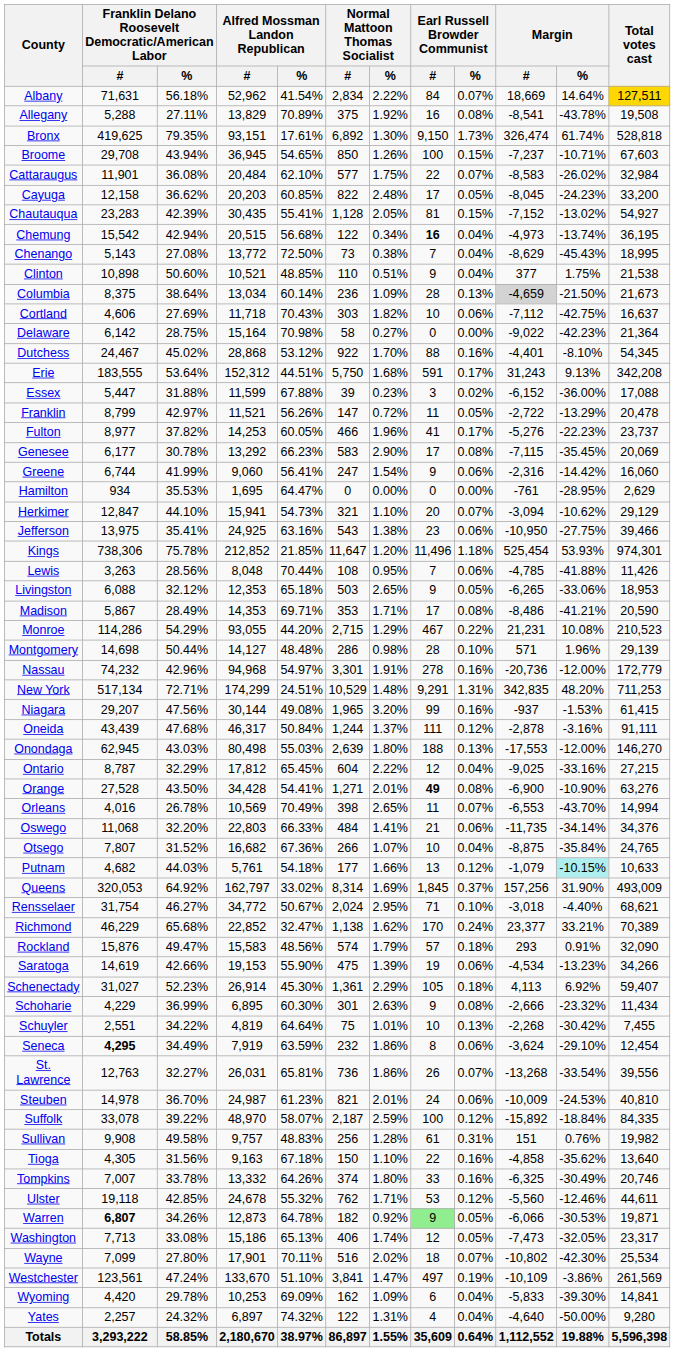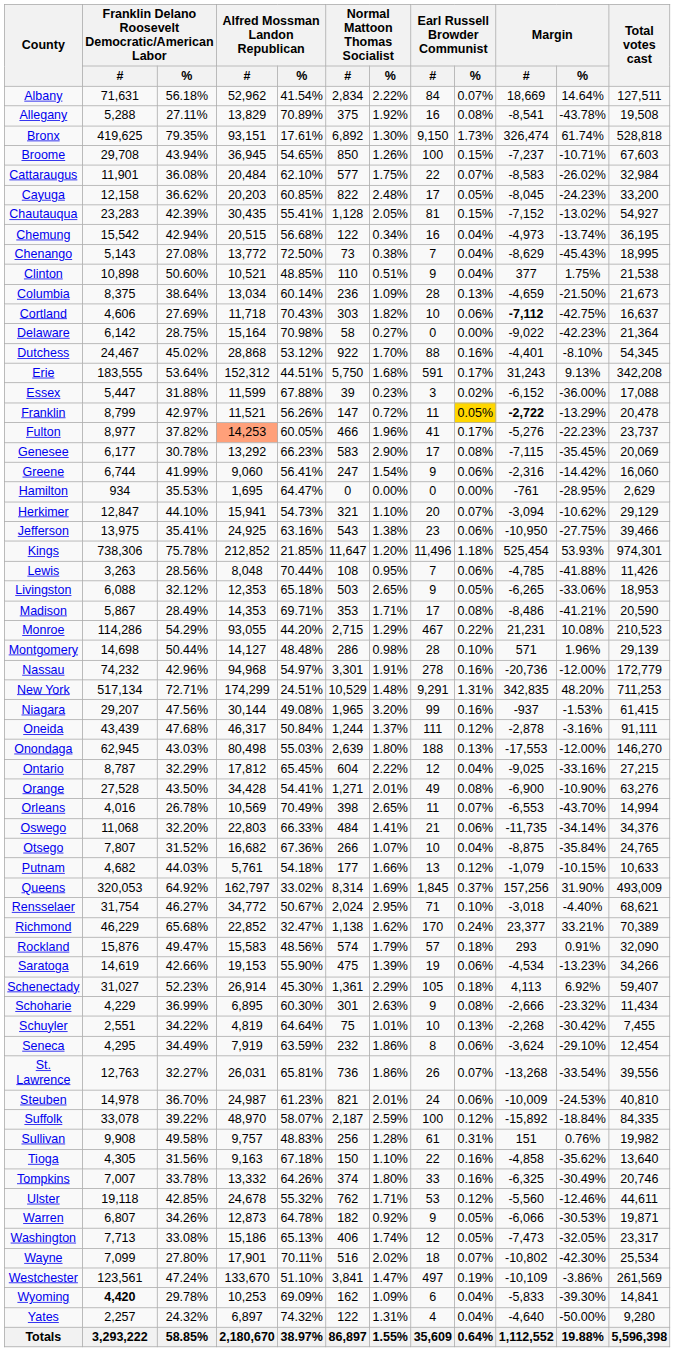 <table width="75%"  class="wikitable sortable" style="text-align:center">
 <tr>
 <th style="text-align:center;" rowspan="2">County</th>
 <th style="text-align:center;" colspan="2">Franklin Delano Roosevelt<br>Democratic/American Labor</th>
 <th style="text-align:center;" colspan="2">Alfred Mossman Landon<br>Republican</th>
 <th style="text-align:center;" colspan="2">Normal Mattoon Thomas<br>Socialist</th>
 <th style="text-align:center;" colspan="2">Earl Russell Browder<br>Communist</th>
 <th style="text-align:center;" colspan="2">Margin</th>
 <th style="text-align:center;" rowspan="2">Total votes cast</th>
 </tr>
 <tr>
 <th style="text-align:center;" data-sort-type="number">#</th>
 <th style="text-align:center;" data-sort-type="number">%</th>
 <th style="text-align:center;" data-sort-type="number">#</th>
 <th style="text-align:center;" data-sort-type="number">%</th>
 <th style="text-align:center;" data-sort-type="number">#</th>
 <th style="text-align:center;" data-sort-type="number">%</th>
 <th style="text-align:center;" data-sort-type="number">#</th>
 <th style="text-align:center;" data-sort-type="number">%</th>
 <th style="text-align:center;" data-sort-type="number">#</th>
 <th style="text-align:center;" data-sort-type="number">%</th>
 </tr>
 <tr style="text-align:center;">
 <td><a href='#'>Albany</a></td>
 <td>71,631</td>
 <td>56.18%</td>
 <td>52,962</td>
 <td>41.54%</td>
 <td>2,834</td>
 <td>2.22%</td>
 <td>84</td>
 <td>0.07%</td>
 <td>18,669</td>
 <td>14.64%</td>
-<td style="background: gold;">127,511</td>
+<td>127,511</td>
 </tr>
 <tr style="text-align:center;">
 <td><a href='#'>Allegany</a></td>
 <td>5,288</td>
 <td>27.11%</td>
 <td>13,829</td>
 <td>70.89%</td>
 <td>375</td>
 <td>1.92%</td>
 <td>16</td>
 <td>0.08%</td>
 <td>-8,541</td>
 <td>-43.78%</td>
 <td>19,508</td>
 </tr>
 <tr style="text-align:center;">
 <td><a href='#'>Bronx</a></td>
 <td>419,625</td>
 <td>79.35%</td>
 <td>93,151</td>
 <td>17.61%</td>
 <td>6,892</td>
 <td>1.30%</td>
 <td>9,150</td>
 <td>1.73%</td>
 <td>326,474</td>
 <td>61.74%</td>
 <td>528,818</td>
 </tr>
 <tr style="text-align:center;">
 <td><a href='#'>Broome</a></td>
 <td>29,708</td>
 <td>43.94%</td>
 <td>36,945</td>
 <td>54.65%</td>
 <td>850</td>
 <td>1.26%</td>
 <td>100</td>
 <td>0.15%</td>
 <td>-7,237</td>
 <td>-10.71%</td>
 <td>67,603</td>
 </tr>
 <tr style="text-align:center;">
 <td><a href='#'>Cattaraugus</a></td>
 <td>11,901</td>
 <td>36.08%</td>
 <td>20,484</td>
 <td>62.10%</td>
 <td>577</td>
 <td>1.75%</td>
 <td>22</td>
 <td>0.07%</td>
 <td>-8,583</td>
 <td>-26.02%</td>
 <td>32,984</td>
 </tr>
 <tr style="text-align:center;">
 <td><a href='#'>Cayuga</a></td>
 <td>12,158</td>
 <td>36.62%</td>
 <td>20,203</td>
 <td>60.85%</td>
 <td>822</td>
 <td>2.48%</td>
 <td>17</td>
 <td>0.05%</td>
 <td>-8,045</td>
 <td>-24.23%</td>
 <td>33,200</td>
 </tr>
 <tr style="text-align:center;">
 <td><a href='#'>Chautauqua</a></td>
 <td>23,283</td>
 <td>42.39%</td>
 <td>30,435</td>
 <td>55.41%</td>
 <td>1,128</td>
 <td>2.05%</td>
 <td>81</td>
 <td>0.15%</td>
 <td>-7,152</td>
 <td>-13.02%</td>
 <td>54,927</td>
 </tr>
 <tr style="text-align:center;">
 <td><a href='#'>Chemung</a></td>
 <td>15,542</td>
 <td>42.94%</td>
 <td>20,515</td>
 <td>56.68%</td>
 <td>122</td>
 <td>0.34%</td>
-<td><strong>16</strong></td>
+<td>16</td>
 <td>0.04%</td>
 <td>-4,973</td>
 <td>-13.74%</td>
 <td>36,195</td>
 </tr>
 <tr style="text-align:center;">
 <td><a href='#'>Chenango</a></td>
 <td>5,143</td>
 <td>27.08%</td>
 <td>13,772</td>
 <td>72.50%</td>
 <td>73</td>
 <td>0.38%</td>
 <td>7</td>
 <td>0.04%</td>
 <td>-8,629</td>
 <td>-45.43%</td>
 <td>18,995</td>
 </tr>
 <tr style="text-align:center;">
 <td><a href='#'>Clinton</a></td>
 <td>10,898</td>
 <td>50.60%</td>
 <td>10,521</td>
 <td>48.85%</td>
 <td>110</td>
 <td>0.51%</td>
 <td>9</td>
 <td>0.04%</td>
 <td>377</td>
 <td>1.75%</td>
 <td>21,538</td>
 </tr>
 <tr style="text-align:center;">
 <td><a href='#'>Columbia</a></td>
 <td>8,375</td>
 <td>38.64%</td>
 <td>13,034</td>
 <td>60.14%</td>
 <td>236</td>
 <td>1.09%</td>
 <td>28</td>
 <td>0.13%</td>
-<td style="background: lightgrey;">-4,659</td>
+<td>-4,659</td>
 <td>-21.50%</td>
 <td>21,673</td>
 </tr>
 <tr style="text-align:center;">
 <td><a href='#'>Cortland</a></td>
 <td>4,606</td>
 <td>27.69%</td>
 <td>11,718</td>
 <td>70.43%</td>
 <td>303</td>
 <td>1.82%</td>
 <td>10</td>
 <td>0.06%</td>
-<td>-7,112</td>
+<td><strong>-7,112</strong></td>
 <td>-42.75%</td>
 <td>16,637</td>
 </tr>
 <tr style="text-align:center;">
 <td><a href='#'>Delaware</a></td>
 <td>6,142</td>
 <td>28.75%</td>
 <td>15,164</td>
 <td>70.98%</td>
 <td>58</td>
 <td>0.27%</td>
 <td>0</td>
 <td>0.00%</td>
 <td>-9,022</td>
 <td>-42.23%</td>
 <td>21,364</td>
 </tr>
 <tr style="text-align:center;">
 <td><a href='#'>Dutchess</a></td>
 <td>24,467</td>
 <td>45.02%</td>
 <td>28,868</td>
 <td>53.12%</td>
 <td>922</td>
 <td>1.70%</td>
 <td>88</td>
 <td>0.16%</td>
 <td>-4,401</td>
 <td>-8.10%</td>
 <td>54,345</td>
 </tr>
 <tr style="text-align:center;">
 <td><a href='#'>Erie</a></td>
 <td>183,555</td>
 <td>53.64%</td>
 <td>152,312</td>
 <td>44.51%</td>
 <td>5,750</td>
 <td>1.68%</td>
 <td>591</td>
 <td>0.17%</td>
 <td>31,243</td>
 <td>9.13%</td>
 <td>342,208</td>
 </tr>
 <tr style="text-align:center;">
 <td><a href='#'>Essex</a></td>
 <td>5,447</td>
 <td>31.88%</td>
 <td>11,599</td>
 <td>67.88%</td>
 <td>39</td>
 <td>0.23%</td>
 <td>3</td>
 <td>0.02%</td>
 <td>-6,152</td>
 <td>-36.00%</td>
 <td>17,088</td>
 </tr>
 <tr style="text-align:center;">
 <td><a href='#'>Franklin</a></td>
 <td>8,799</td>
 <td>42.97%</td>
 <td>11,521</td>
 <td>56.26%</td>
 <td>147</td>
 <td>0.72%</td>
 <td>11</td>
-<td>0.05%</td>
-<td>-2,722</td>
+<td style="background: gold;">0.05%</td>
+<td><strong>-2,722</strong></td>
 <td>-13.29%</td>
 <td>20,478</td>
 </tr>
 <tr style="text-align:center;">
 <td><a href='#'>Fulton</a></td>
 <td>8,977</td>
 <td>37.82%</td>
-<td>14,253</td>
+<td style="background: lightsalmon;">14,253</td>
 <td>60.05%</td>
 <td>466</td>
 <td>1.96%</td>
 <td>41</td>
 <td>0.17%</td>
 <td>-5,276</td>
 <td>-22.23%</td>
 <td>23,737</td>
 </tr>
 <tr style="text-align:center;">
 <td><a href='#'>Genesee</a></td>
 <td>6,177</td>
 <td>30.78%</td>
 <td>13,292</td>
 <td>66.23%</td>
 <td>583</td>
 <td>2.90%</td>
 <td>17</td>
 <td>0.08%</td>
 <td>-7,115</td>
 <td>-35.45%</td>
 <td>20,069</td>
 </tr>
 <tr style="text-align:center;">
 <td><a href='#'>Greene</a></td>
 <td>6,744</td>
 <td>41.99%</td>
 <td>9,060</td>
 <td>56.41%</td>
 <td>247</td>
 <td>1.54%</td>
 <td>9</td>
 <td>0.06%</td>
 <td>-2,316</td>
 <td>-14.42%</td>
 <td>16,060</td>
 </tr>
 <tr style="text-align:center;">
 <td><a href='#'>Hamilton</a></td>
 <td>934</td>
 <td>35.53%</td>
 <td>1,695</td>
 <td>64.47%</td>
 <td>0</td>
 <td>0.00%</td>
 <td>0</td>
 <td>0.00%</td>
 <td>-761</td>
 <td>-28.95%</td>
 <td>2,629</td>
 </tr>
 <tr style="text-align:center;">
 <td><a href='#'>Herkimer</a></td>
 <td>12,847</td>
 <td>44.10%</td>
 <td>15,941</td>
 <td>54.73%</td>
 <td>321</td>
 <td>1.10%</td>
 <td>20</td>
 <td>0.07%</td>
 <td>-3,094</td>
 <td>-10.62%</td>
 <td>29,129</td>
 </tr>
 <tr style="text-align:center;">
 <td><a href='#'>Jefferson</a></td>
 <td>13,975</td>
 <td>35.41%</td>
 <td>24,925</td>
 <td>63.16%</td>
 <td>543</td>
 <td>1.38%</td>
 <td>23</td>
 <td>0.06%</td>
 <td>-10,950</td>
 <td>-27.75%</td>
 <td>39,466</td>
 </tr>
 <tr style="text-align:center;">
 <td><a href='#'>Kings</a></td>
 <td>738,306</td>
 <td>75.78%</td>
 <td>212,852</td>
 <td>21.85%</td>
 <td>11,647</td>
 <td>1.20%</td>
 <td>11,496</td>
 <td>1.18%</td>
 <td>525,454</td>
 <td>53.93%</td>
 <td>974,301</td>
 </tr>
 <tr style="text-align:center;">
 <td><a href='#'>Lewis</a></td>
 <td>3,263</td>
 <td>28.56%</td>
 <td>8,048</td>
 <td>70.44%</td>
 <td>108</td>
 <td>0.95%</td>
 <td>7</td>
 <td>0.06%</td>
 <td>-4,785</td>
 <td>-41.88%</td>
 <td>11,426</td>
 </tr>
 <tr style="text-align:center;">
 <td><a href='#'>Livingston</a></td>
 <td>6,088</td>
 <td>32.12%</td>
 <td>12,353</td>
 <td>65.18%</td>
 <td>503</td>
 <td>2.65%</td>
 <td>9</td>
 <td>0.05%</td>
 <td>-6,265</td>
 <td>-33.06%</td>
 <td>18,953</td>
 </tr>
 <tr style="text-align:center;">
 <td><a href='#'>Madison</a></td>
 <td>5,867</td>
 <td>28.49%</td>
 <td>14,353</td>
 <td>69.71%</td>
 <td>353</td>
 <td>1.71%</td>
 <td>17</td>
 <td>0.08%</td>
 <td>-8,486</td>
 <td>-41.21%</td>
 <td>20,590</td>
 </tr>
 <tr style="text-align:center;">
 <td><a href='#'>Monroe</a></td>
 <td>114,286</td>
 <td>54.29%</td>
 <td>93,055</td>
 <td>44.20%</td>
 <td>2,715</td>
 <td>1.29%</td>
 <td>467</td>
 <td>0.22%</td>
 <td>21,231</td>
 <td>10.08%</td>
 <td>210,523</td>
 </tr>
 <tr style="text-align:center;">
 <td><a href='#'>Montgomery</a></td>
 <td>14,698</td>
 <td>50.44%</td>
 <td>14,127</td>
 <td>48.48%</td>
 <td>286</td>
 <td>0.98%</td>
 <td>28</td>
 <td>0.10%</td>
 <td>571</td>
 <td>1.96%</td>
 <td>29,139</td>
 </tr>
 <tr style="text-align:center;">
 <td><a href='#'>Nassau</a></td>
 <td>74,232</td>
 <td>42.96%</td>
 <td>94,968</td>
 <td>54.97%</td>
 <td>3,301</td>
 <td>1.91%</td>
 <td>278</td>
 <td>0.16%</td>
 <td>-20,736</td>
 <td>-12.00%</td>
 <td>172,779</td>
 </tr>
 <tr style="text-align:center;">
 <td><a href='#'>New York</a></td>
 <td>517,134</td>
 <td>72.71%</td>
 <td>174,299</td>
 <td>24.51%</td>
 <td>10,529</td>
 <td>1.48%</td>
 <td>9,291</td>
 <td>1.31%</td>
 <td>342,835</td>
 <td>48.20%</td>
 <td>711,253</td>
 </tr>
 <tr style="text-align:center;">
 <td><a href='#'>Niagara</a></td>
 <td>29,207</td>
 <td>47.56%</td>
 <td>30,144</td>
 <td>49.08%</td>
 <td>1,965</td>
 <td>3.20%</td>
 <td>99</td>
 <td>0.16%</td>
 <td>-937</td>
 <td>-1.53%</td>
 <td>61,415</td>
 </tr>
 <tr style="text-align:center;">
 <td><a href='#'>Oneida</a></td>
 <td>43,439</td>
 <td>47.68%</td>
 <td>46,317</td>
 <td>50.84%</td>
 <td>1,244</td>
 <td>1.37%</td>
 <td>111</td>
 <td>0.12%</td>
 <td>-2,878</td>
 <td>-3.16%</td>
 <td>91,111</td>
 </tr>
 <tr style="text-align:center;">
 <td><a href='#'>Onondaga</a></td>
 <td>62,945</td>
 <td>43.03%</td>
 <td>80,498</td>
 <td>55.03%</td>
 <td>2,639</td>
 <td>1.80%</td>
 <td>188</td>
 <td>0.13%</td>
 <td>-17,553</td>
 <td>-12.00%</td>
 <td>146,270</td>
 </tr>
 <tr style="text-align:center;">
 <td><a href='#'>Ontario</a></td>
 <td>8,787</td>
 <td>32.29%</td>
 <td>17,812</td>
 <td>65.45%</td>
 <td>604</td>
 <td>2.22%</td>
 <td>12</td>
 <td>0.04%</td>
 <td>-9,025</td>
 <td>-33.16%</td>
 <td>27,215</td>
 </tr>
 <tr style="text-align:center;">
 <td><a href='#'>Orange</a></td>
 <td>27,528</td>
 <td>43.50%</td>
 <td>34,428</td>
 <td>54.41%</td>
 <td>1,271</td>
 <td>2.01%</td>
-<td><strong>49</strong></td>
+<td>49</td>
 <td>0.08%</td>
 <td>-6,900</td>
 <td>-10.90%</td>
 <td>63,276</td>
 </tr>
 <tr style="text-align:center;">
 <td><a href='#'>Orleans</a></td>
 <td>4,016</td>
 <td>26.78%</td>
 <td>10,569</td>
 <td>70.49%</td>
 <td>398</td>
 <td>2.65%</td>
 <td>11</td>
 <td>0.07%</td>
 <td>-6,553</td>
 <td>-43.70%</td>
 <td>14,994</td>
 </tr>
 <tr style="text-align:center;">
 <td><a href='#'>Oswego</a></td>
 <td>11,068</td>
 <td>32.20%</td>
 <td>22,803</td>
 <td>66.33%</td>
 <td>484</td>
 <td>1.41%</td>
 <td>21</td>
 <td>0.06%</td>
 <td>-11,735</td>
 <td>-34.14%</td>
 <td>34,376</td>
 </tr>
 <tr style="text-align:center;">
 <td><a href='#'>Otsego</a></td>
 <td>7,807</td>
 <td>31.52%</td>
 <td>16,682</td>
 <td>67.36%</td>
 <td>266</td>
 <td>1.07%</td>
 <td>10</td>
 <td>0.04%</td>
 <td>-8,875</td>
 <td>-35.84%</td>
 <td>24,765</td>
 </tr>
 <tr style="text-align:center;">
 <td><a href='#'>Putnam</a></td>
 <td>4,682</td>
 <td>44.03%</td>
 <td>5,761</td>
 <td>54.18%</td>
 <td>177</td>
 <td>1.66%</td>
 <td>13</td>
 <td>0.12%</td>
 <td>-1,079</td>
-<td style="background: paleturquoise;">-10.15%</td>
+<td>-10.15%</td>
 <td>10,633</td>
 </tr>
 <tr style="text-align:center;">
 <td><a href='#'>Queens</a></td>
 <td>320,053</td>
 <td>64.92%</td>
 <td>162,797</td>
 <td>33.02%</td>
 <td>8,314</td>
 <td>1.69%</td>
 <td>1,845</td>
 <td>0.37%</td>
 <td>157,256</td>
 <td>31.90%</td>
 <td>493,009</td>
 </tr>
 <tr style="text-align:center;">
 <td><a href='#'>Rensselaer</a></td>
 <td>31,754</td>
 <td>46.27%</td>
 <td>34,772</td>
 <td>50.67%</td>
 <td>2,024</td>
 <td>2.95%</td>
 <td>71</td>
 <td>0.10%</td>
 <td>-3,018</td>
 <td>-4.40%</td>
 <td>68,621</td>
 </tr>
 <tr style="text-align:center;">
 <td><a href='#'>Richmond</a></td>
 <td>46,229</td>
 <td>65.68%</td>
 <td>22,852</td>
 <td>32.47%</td>
 <td>1,138</td>
 <td>1.62%</td>
 <td>170</td>
 <td>0.24%</td>
 <td>23,377</td>
 <td>33.21%</td>
 <td>70,389</td>
 </tr>
 <tr style="text-align:center;">
 <td><a href='#'>Rockland</a></td>
 <td>15,876</td>
 <td>49.47%</td>
 <td>15,583</td>
 <td>48.56%</td>
 <td>574</td>
 <td>1.79%</td>
 <td>57</td>
 <td>0.18%</td>
 <td>293</td>
 <td>0.91%</td>
 <td>32,090</td>
 </tr>
 <tr style="text-align:center;">
 <td><a href='#'>Saratoga</a></td>
 <td>14,619</td>
 <td>42.66%</td>
 <td>19,153</td>
 <td>55.90%</td>
 <td>475</td>
 <td>1.39%</td>
 <td>19</td>
 <td>0.06%</td>
 <td>-4,534</td>
 <td>-13.23%</td>
 <td>34,266</td>
 </tr>
 <tr style="text-align:center;">
 <td><a href='#'>Schenectady</a></td>
 <td>31,027</td>
 <td>52.23%</td>
 <td>26,914</td>
 <td>45.30%</td>
 <td>1,361</td>
 <td>2.29%</td>
 <td>105</td>
 <td>0.18%</td>
 <td>4,113</td>
 <td>6.92%</td>
 <td>59,407</td>
 </tr>
 <tr style="text-align:center;">
 <td><a href='#'>Schoharie</a></td>
 <td>4,229</td>
 <td>36.99%</td>
 <td>6,895</td>
 <td>60.30%</td>
 <td>301</td>
 <td>2.63%</td>
 <td>9</td>
 <td>0.08%</td>
 <td>-2,666</td>
 <td>-23.32%</td>
 <td>11,434</td>
 </tr>
 <tr style="text-align:center;">
 <td><a href='#'>Schuyler</a></td>
 <td>2,551</td>
 <td>34.22%</td>
 <td>4,819</td>
 <td>64.64%</td>
 <td>75</td>
 <td>1.01%</td>
 <td>10</td>
 <td>0.13%</td>
 <td>-2,268</td>
 <td>-30.42%</td>
 <td>7,455</td>
 </tr>
 <tr style="text-align:center;">
 <td><a href='#'>Seneca</a></td>
-<td><strong>4,295</strong></td>
+<td>4,295</td>
 <td>34.49%</td>
 <td>7,919</td>
 <td>63.59%</td>
 <td>232</td>
 <td>1.86%</td>
 <td>8</td>
 <td>0.06%</td>
 <td>-3,624</td>
 <td>-29.10%</td>
 <td>12,454</td>
 </tr>
 <tr style="text-align:center;">
 <td><a href='#'>St. Lawrence</a></td>
 <td>12,763</td>
 <td>32.27%</td>
 <td>26,031</td>
 <td>65.81%</td>
 <td>736</td>
 <td>1.86%</td>
 <td>26</td>
 <td>0.07%</td>
 <td>-13,268</td>
 <td>-33.54%</td>
 <td>39,556</td>
 </tr>
 <tr style="text-align:center;">
 <td><a href='#'>Steuben</a></td>
 <td>14,978</td>
 <td>36.70%</td>
 <td>24,987</td>
 <td>61.23%</td>
 <td>821</td>
 <td>2.01%</td>
 <td>24</td>
 <td>0.06%</td>
 <td>-10,009</td>
 <td>-24.53%</td>
 <td>40,810</td>
 </tr>
 <tr style="text-align:center;">
 <td><a href='#'>Suffolk</a></td>
 <td>33,078</td>
 <td>39.22%</td>
 <td>48,970</td>
 <td>58.07%</td>
 <td>2,187</td>
 <td>2.59%</td>
 <td>100</td>
 <td>0.12%</td>
 <td>-15,892</td>
 <td>-18.84%</td>
 <td>84,335</td>
 </tr>
 <tr style="text-align:center;">
 <td><a href='#'>Sullivan</a></td>
 <td>9,908</td>
 <td>49.58%</td>
 <td>9,757</td>
 <td>48.83%</td>
 <td>256</td>
 <td>1.28%</td>
 <td>61</td>
 <td>0.31%</td>
 <td>151</td>
 <td>0.76%</td>
 <td>19,982</td>
 </tr>
 <tr style="text-align:center;">
 <td><a href='#'>Tioga</a></td>
 <td>4,305</td>
 <td>31.56%</td>
 <td>9,163</td>
 <td>67.18%</td>
 <td>150</td>
 <td>1.10%</td>
 <td>22</td>
 <td>0.16%</td>
 <td>-4,858</td>
 <td>-35.62%</td>
 <td>13,640</td>
 </tr>
 <tr style="text-align:center;">
 <td><a href='#'>Tompkins</a></td>
 <td>7,007</td>
 <td>33.78%</td>
 <td>13,332</td>
 <td>64.26%</td>
 <td>374</td>
 <td>1.80%</td>
 <td>33</td>
 <td>0.16%</td>
 <td>-6,325</td>
 <td>-30.49%</td>
 <td>20,746</td>
 </tr>
 <tr style="text-align:center;">
 <td><a href='#'>Ulster</a></td>
 <td>19,118</td>
 <td>42.85%</td>
 <td>24,678</td>
 <td>55.32%</td>
 <td>762</td>
 <td>1.71%</td>
 <td>53</td>
 <td>0.12%</td>
 <td>-5,560</td>
 <td>-12.46%</td>
 <td>44,611</td>
 </tr>
 <tr style="text-align:center;">
 <td><a href='#'>Warren</a></td>
-<td><strong>6,807</strong></td>
+<td>6,807</td>
 <td>34.26%</td>
 <td>12,873</td>
 <td>64.78%</td>
 <td>182</td>
 <td>0.92%</td>
-<td style="background: lightgreen;">9</td>
+<td>9</td>
 <td>0.05%</td>
 <td>-6,066</td>
 <td>-30.53%</td>
 <td>19,871</td>
 </tr>
 <tr style="text-align:center;">
 <td><a href='#'>Washington</a></td>
 <td>7,713</td>
 <td>33.08%</td>
 <td>15,186</td>
 <td>65.13%</td>
 <td>406</td>
 <td>1.74%</td>
 <td>12</td>
 <td>0.05%</td>
 <td>-7,473</td>
 <td>-32.05%</td>
 <td>23,317</td>
 </tr>
 <tr style="text-align:center;">
 <td><a href='#'>Wayne</a></td>
 <td>7,099</td>
 <td>27.80%</td>
 <td>17,901</td>
 <td>70.11%</td>
 <td>516</td>
 <td>2.02%</td>
 <td>18</td>
 <td>0.07%</td>
 <td>-10,802</td>
 <td>-42.30%</td>
 <td>25,534</td>
 </tr>
 <tr style="text-align:center;">
 <td><a href='#'>Westchester</a></td>
 <td>123,561</td>
 <td>47.24%</td>
 <td>133,670</td>
 <td>51.10%</td>
 <td>3,841</td>
 <td>1.47%</td>
 <td>497</td>
 <td>0.19%</td>
 <td>-10,109</td>
 <td>-3.86%</td>
 <td>261,569</td>
 </tr>
 <tr style="text-align:center;">
 <td><a href='#'>Wyoming</a></td>
-<td>4,420</td>
+<td><strong>4,420</strong></td>
 <td>29.78%</td>
 <td>10,253</td>
 <td>69.09%</td>
 <td>162</td>
 <td>1.09%</td>
 <td>6</td>
 <td>0.04%</td>
 <td>-5,833</td>
 <td>-39.30%</td>
 <td>14,841</td>
 </tr>
 <tr style="text-align:center;">
 <td><a href='#'>Yates</a></td>
 <td>2,257</td>
 <td>24.32%</td>
 <td>6,897</td>
 <td>74.32%</td>
 <td>122</td>
 <td>1.31%</td>
 <td>4</td>
 <td>0.04%</td>
 <td>-4,640</td>
 <td>-50.00%</td>
 <td>9,280</td>
 </tr>
 <tr style="text-align:center;">
 <th>Totals</th>
 <th>3,293,222</th>
 <th>58.85%</th>
 <th>2,180,670</th>
 <th>38.97%</th>
 <th>86,897</th>
 <th>1.55%</th>
 <th>35,609</th>
 <th>0.64%</th>
 <th>1,112,552</th>
 <th>19.88%</th>
 <th>5,596,398</th>
 </tr>
 </table>
